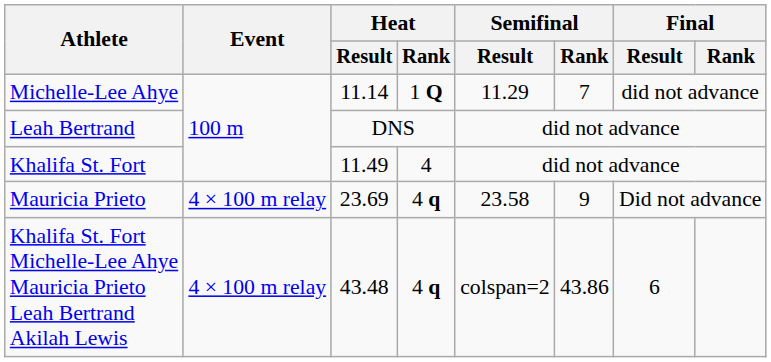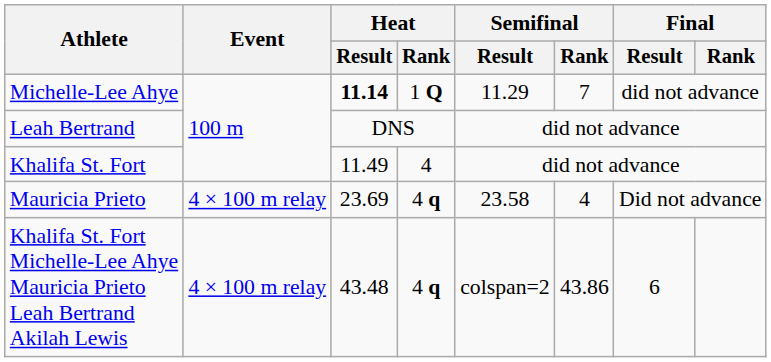 <table class="wikitable" style="font-size:90%; text-align:center">
 <tr>
 <th rowspan=2>Athlete</th>
 <th rowspan=2>Event</th>
 <th colspan=2>Heat</th>
 <th colspan=2>Semifinal</th>
 <th colspan=2>Final</th>
 </tr>
 <tr style="font-size:95%">
 <th>Result</th>
 <th>Rank</th>
 <th>Result</th>
 <th>Rank</th>
 <th>Result</th>
 <th>Rank</th>
 </tr>
 <tr>
 <td align=left><a href='#'>Michelle-Lee Ahye</a></td>
 <td align=left rowspan=3><a href='#'>100 m</a></td>
-<td>11.14</td>
+<td><strong>11.14</strong></td>
 <td>1 <strong>Q</strong></td>
 <td>11.29</td>
 <td>7</td>
 <td colspan=2>did not advance</td>
 </tr>
 <tr>
 <td align=left><a href='#'>Leah Bertrand</a></td>
 <td colspan=2>DNS</td>
 <td colspan=4>did not advance</td>
 </tr>
 <tr>
 <td align=left><a href='#'>Khalifa St. Fort</a></td>
 <td>11.49</td>
 <td>4</td>
 <td colspan=4>did not advance</td>
 </tr>
 <tr>
 <td align=left><a href='#'>Mauricia Prieto</a></td>
 <td align=left><a href='#'>4 × 100 m relay</a></td>
 <td>23.69</td>
 <td>4 <strong>q</strong></td>
 <td>23.58</td>
-<td>9</td>
+<td>4</td>
 <td colspan="2">Did not advance</td>
 </tr>
 <tr>
 <td align=left><a href='#'>Khalifa St. Fort</a><br><a href='#'>Michelle-Lee Ahye</a><br><a href='#'>Mauricia Prieto</a><br><a href='#'>Leah Bertrand</a><br><a href='#'>Akilah Lewis</a></td>
 <td align=left><a href='#'>4 × 100 m relay</a></td>
 <td>43.48</td>
 <td>4 <strong>q</strong></td>
 <td>colspan=2 </td>
 <td>43.86</td>
 <td>6</td>
 </tr>
 </table>
